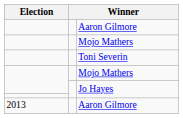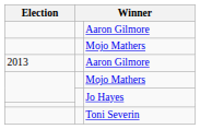 <table class=wikitable>
 <tr>
 <th width=100>Election</th>
 <th width=175 colspan=2>Winner</th>
 </tr>
 <tr>
 <td></td>
 <td width=5 bgcolor=></td>
 <td><a href='#'>Aaron Gilmore</a></td>
 </tr>
 <tr>
 <td></td>
 <td width="5"></td>
 <td><a href='#'>Mojo Mathers</a></td>
 </tr>
 <tr>
-<td></td>
-<td width=5 bgcolor=></td>
-<td><a href='#'>Toni Severin</a></td>
+<td>2013</td>
+<td width="5"></td>
+<td><a href='#'>Aaron Gilmore</a></td>
 </tr>
 <tr>
 <td rowspan=2></td>
 <td width=5 bgcolor=></td>
 <td><a href='#'>Mojo Mathers</a></td>
 </tr>
 <tr>
 <td height=15 style="border-bottom:solid 0 grey; background:"></td>
 <td rowspan=2><a href='#'>Jo Hayes</a></td>
 </tr>
 <tr>
 <td></td>
 <td style="border-top:solid 0 grey; background:"></td>
 </tr>
 <tr>
-<td>2013</td>
-<td width="5"></td>
-<td><a href='#'>Aaron Gilmore</a></td>
+<td></td>
+<td width=5 bgcolor=></td>
+<td><a href='#'>Toni Severin</a></td>
 </tr>
 </table>
